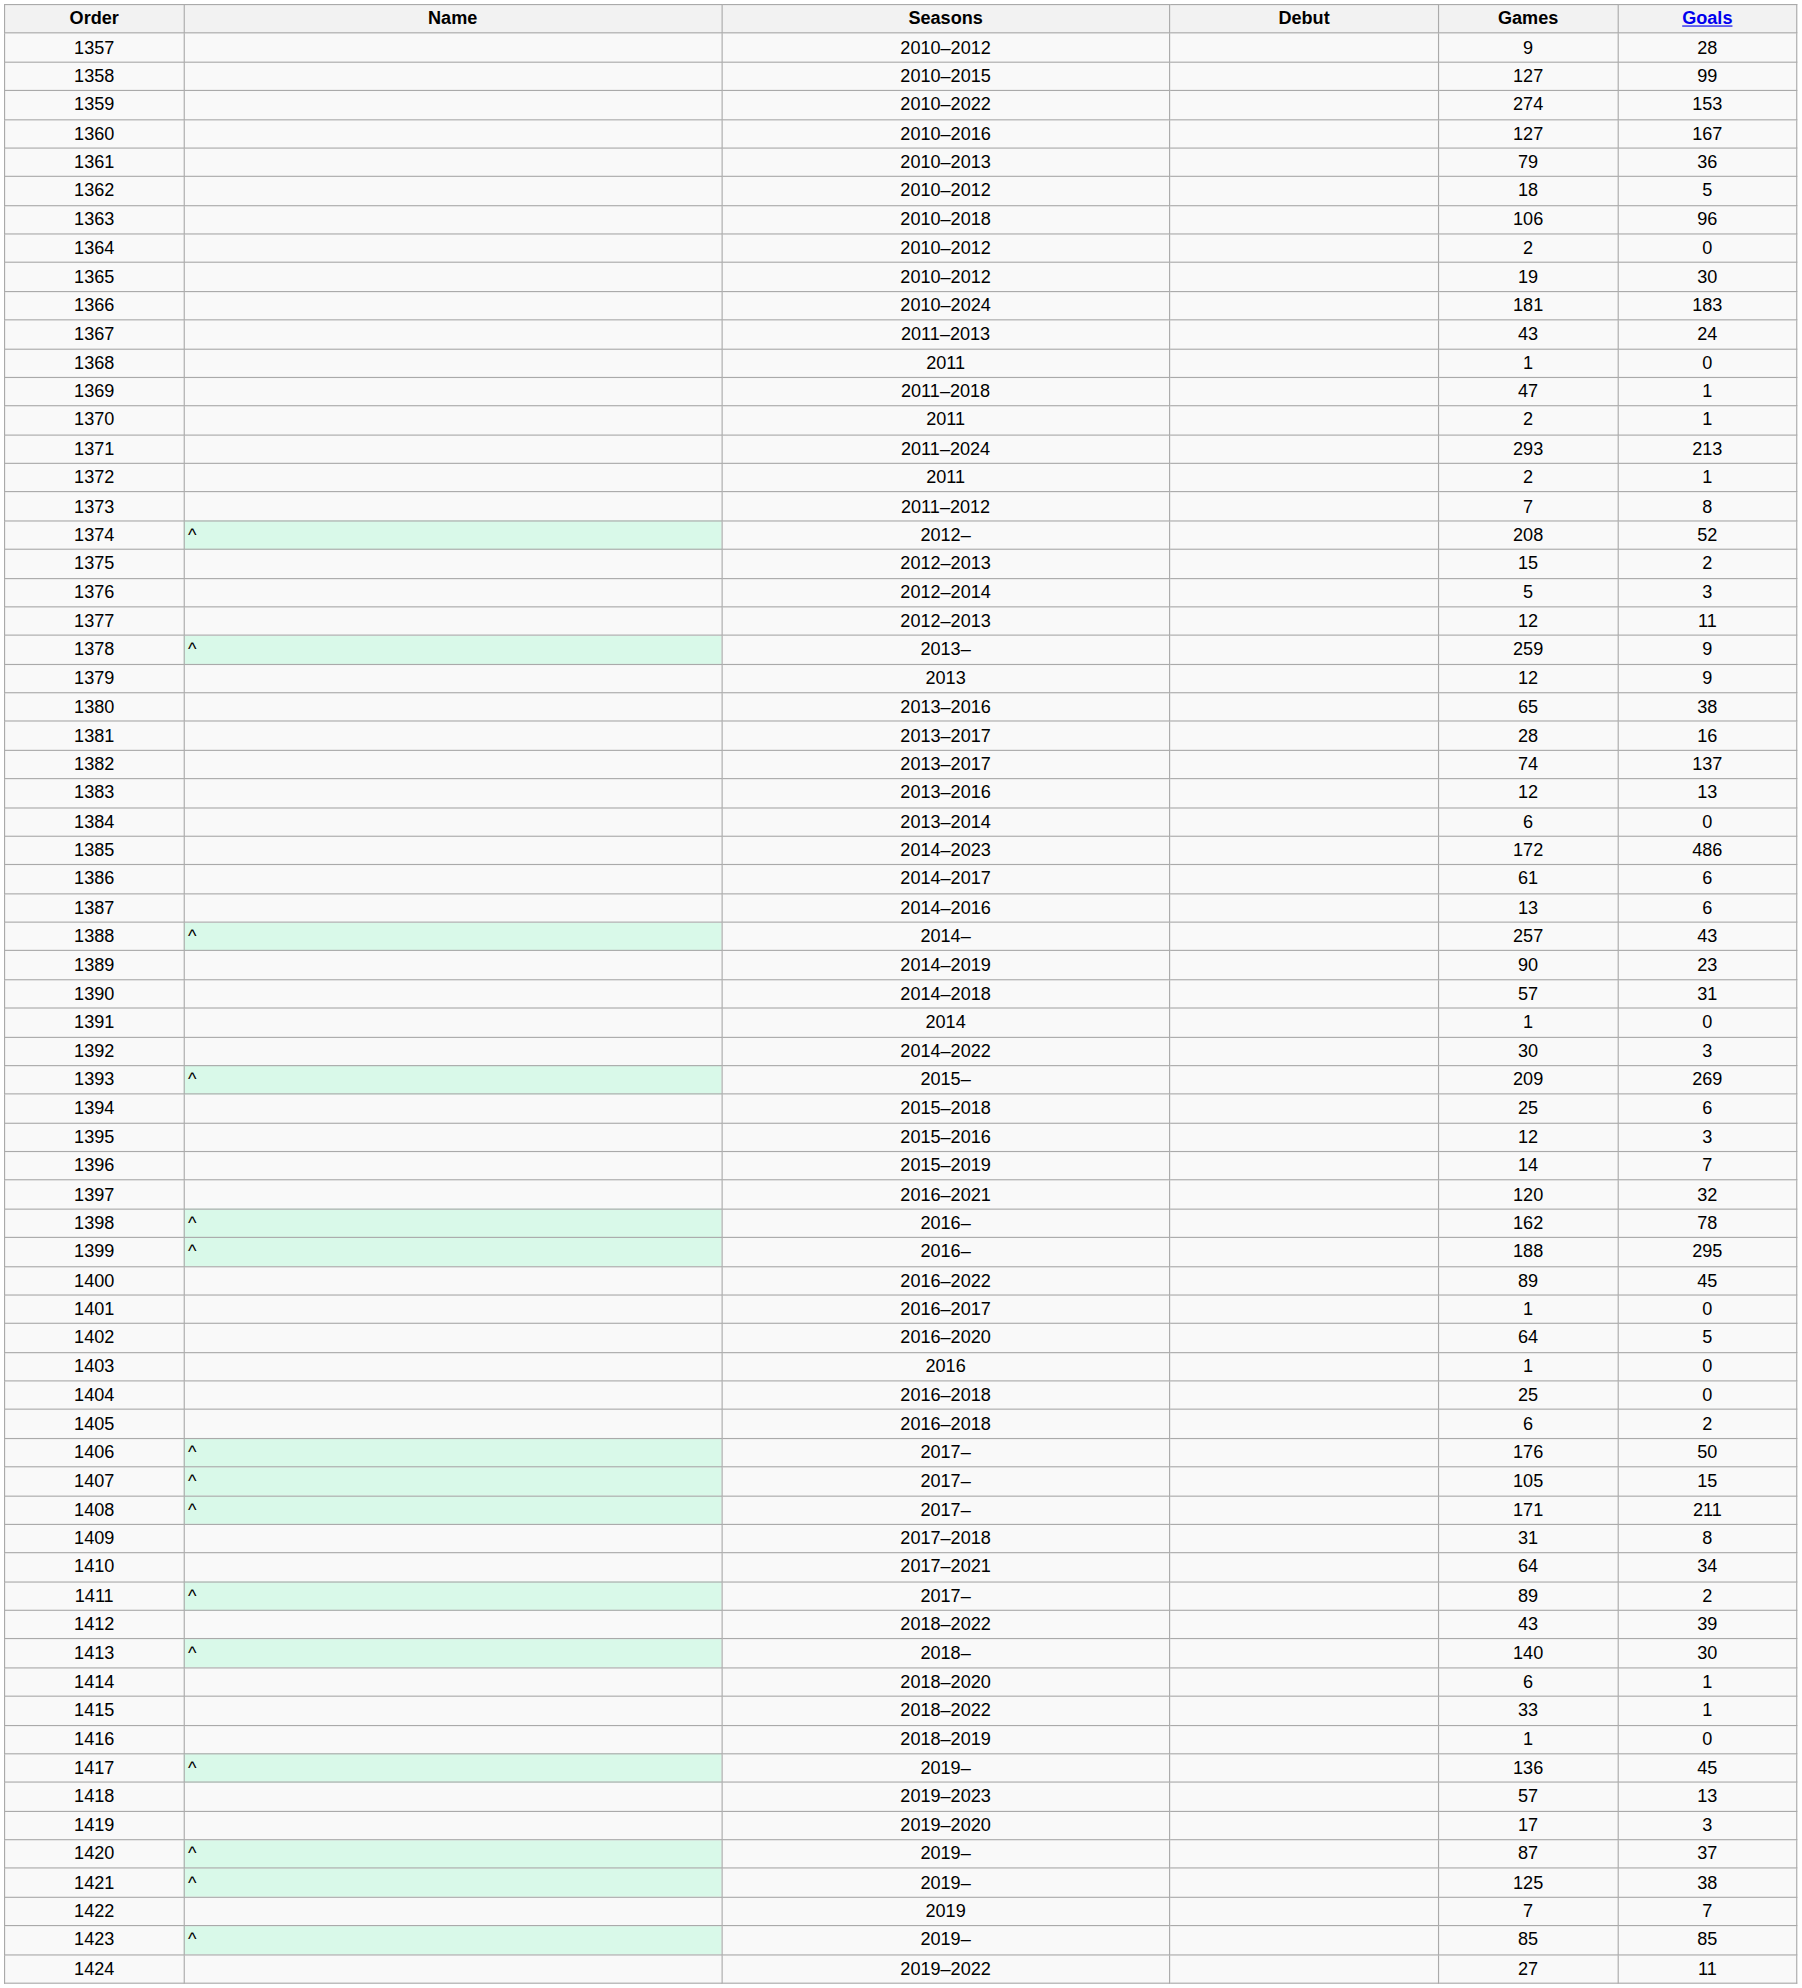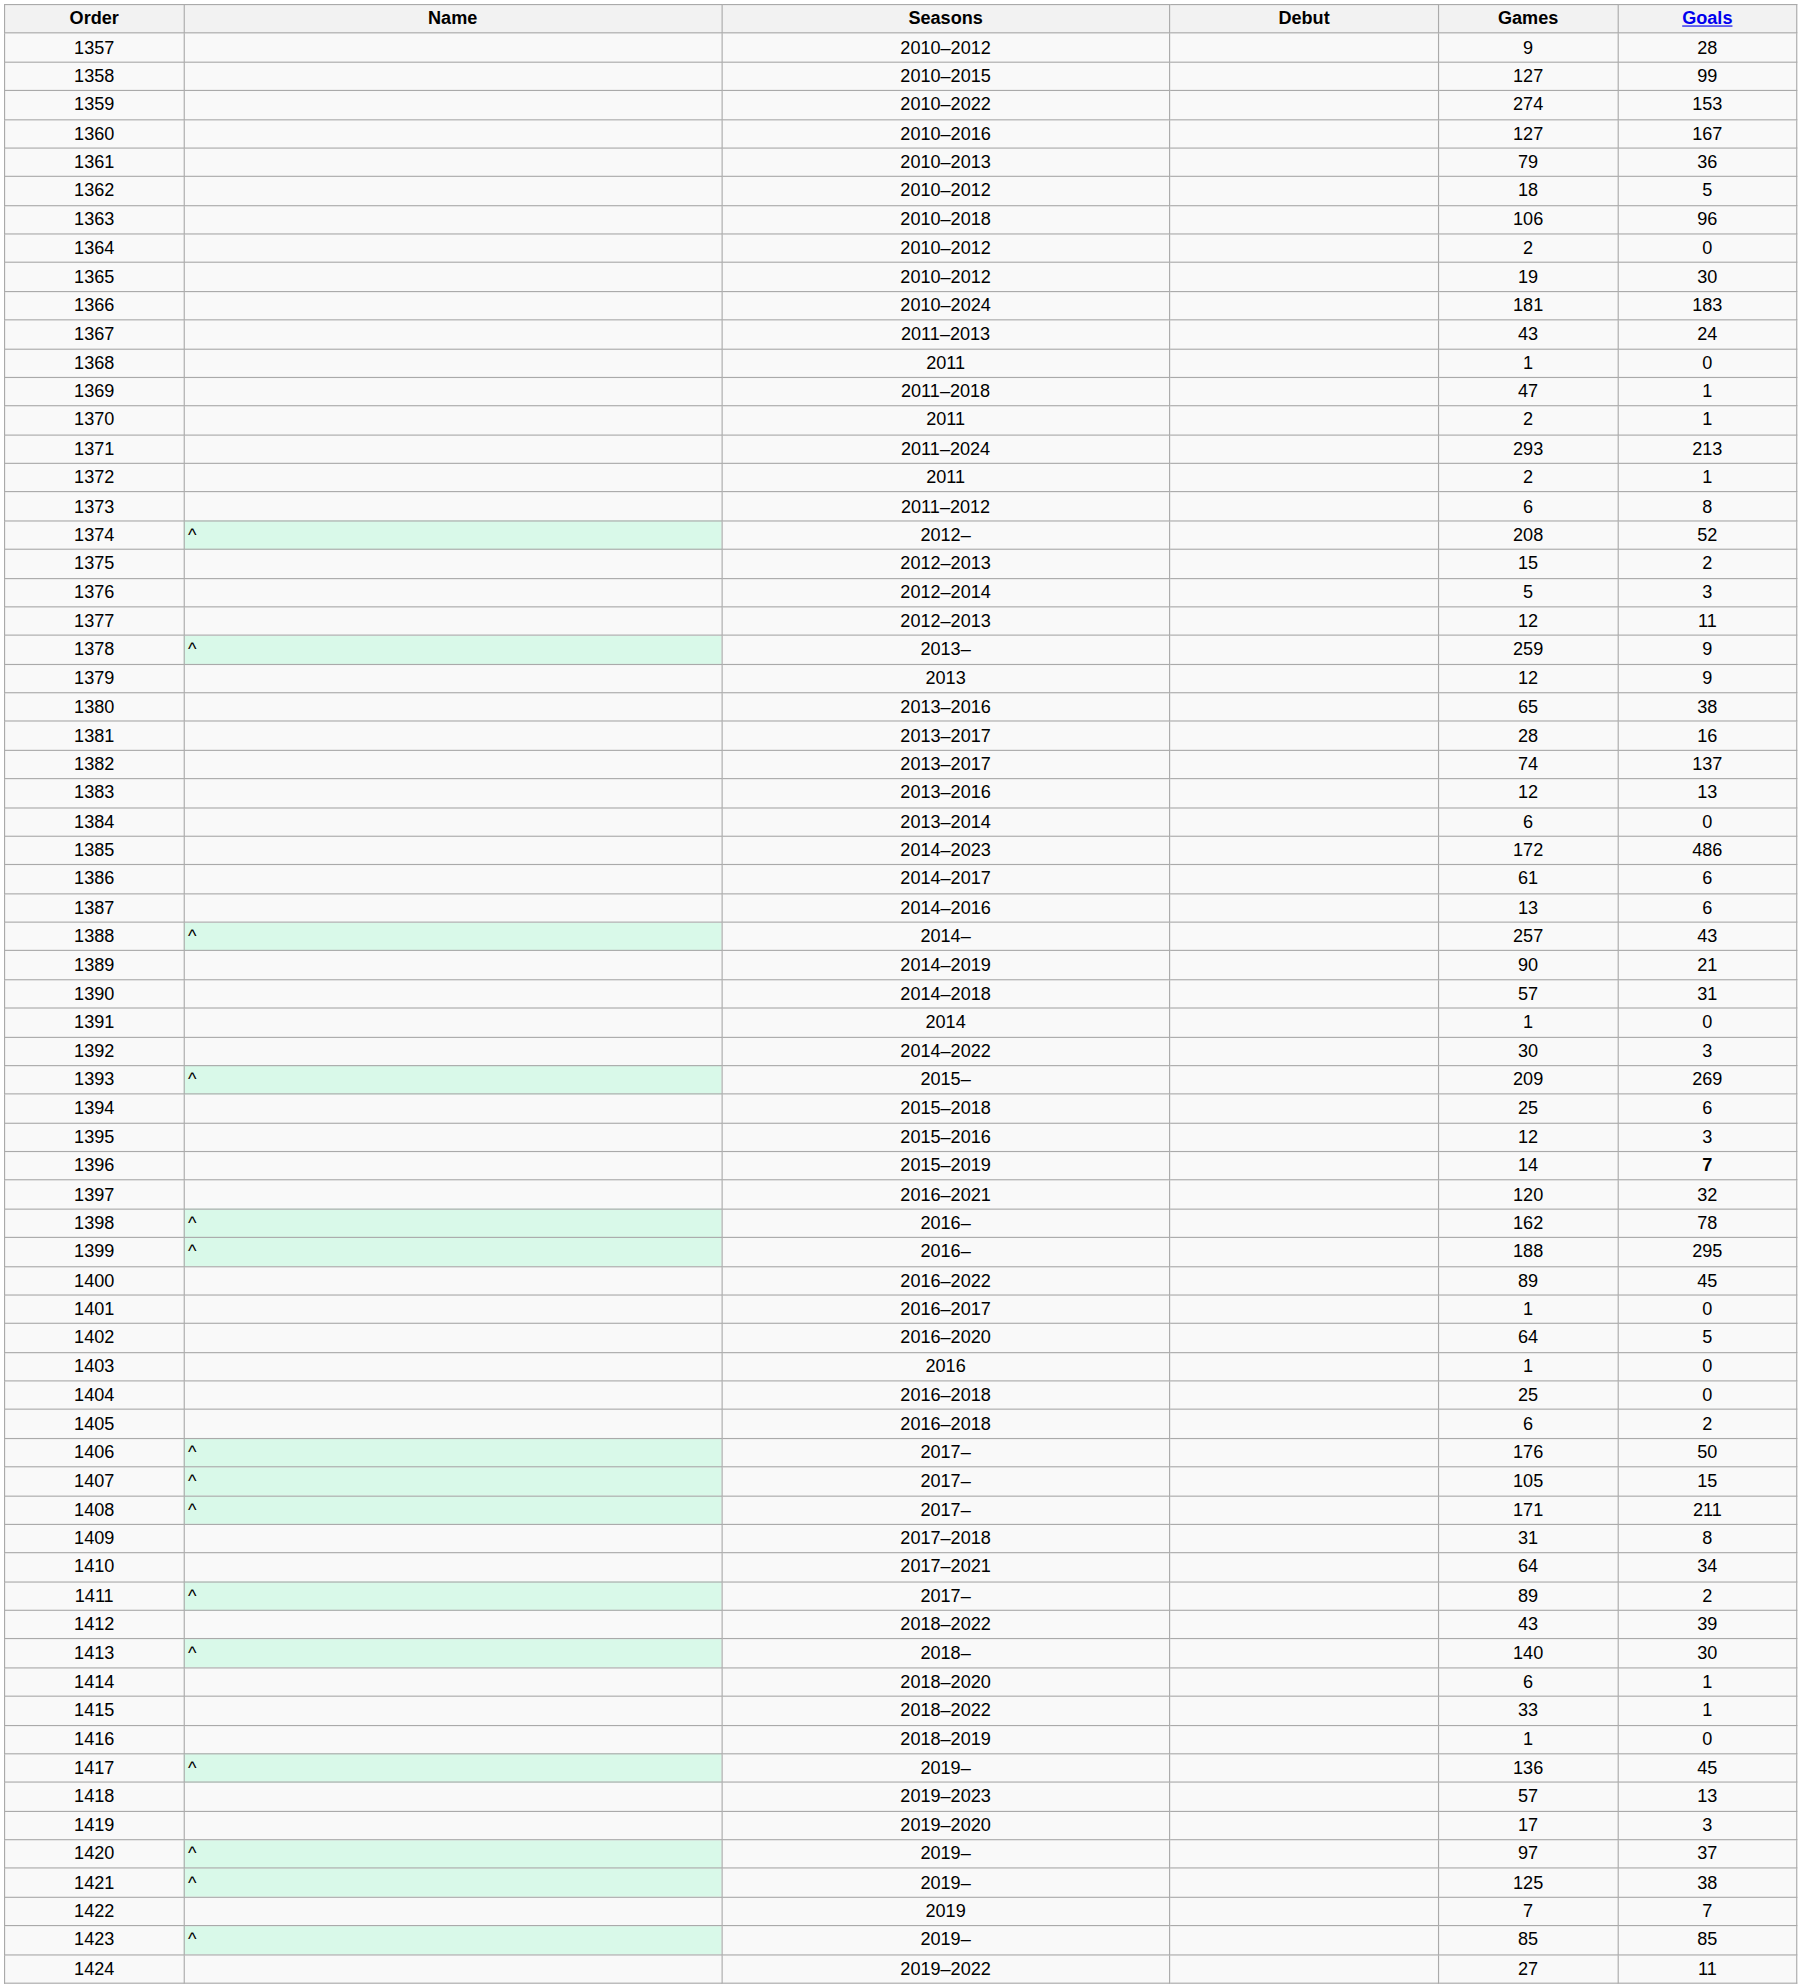 <table class="wikitable sortable" style="text-align:center; width:80%">
 <tr>
 <th style="width=5%">Order</th>
 <th style="width:30%">Name</th>
 <th style="width:25%">Seasons</th>
 <th style="width:15%">Debut</th>
 <th style="width:10%">Games</th>
 <th style="width:10%"><a href='#'>Goals</a></th>
 </tr>
 <tr>
 <td>1357</td>
 <td align=left></td>
 <td>2010–2012</td>
 <td></td>
 <td>9</td>
 <td>28</td>
 </tr>
 <tr>
 <td>1358</td>
 <td align=left></td>
 <td>2010–2015</td>
 <td></td>
 <td>127</td>
 <td>99</td>
 </tr>
 <tr>
 <td>1359</td>
 <td align=left></td>
 <td>2010–2022</td>
 <td></td>
 <td>274</td>
 <td>153</td>
 </tr>
 <tr>
 <td>1360</td>
 <td align=left></td>
 <td>2010–2016</td>
 <td></td>
 <td>127</td>
 <td>167</td>
 </tr>
 <tr>
 <td>1361</td>
 <td align=left></td>
 <td>2010–2013</td>
 <td></td>
 <td>79</td>
 <td>36</td>
 </tr>
 <tr>
 <td>1362</td>
 <td align=left></td>
 <td>2010–2012</td>
 <td></td>
 <td>18</td>
 <td>5</td>
 </tr>
 <tr>
 <td>1363</td>
 <td align=left></td>
 <td>2010–2018</td>
 <td></td>
 <td>106</td>
 <td>96</td>
 </tr>
 <tr>
 <td>1364</td>
 <td align=left></td>
 <td>2010–2012</td>
 <td></td>
 <td>2</td>
 <td>0</td>
 </tr>
 <tr>
 <td>1365</td>
 <td align=left></td>
 <td>2010–2012</td>
 <td></td>
 <td>19</td>
 <td>30</td>
 </tr>
 <tr>
 <td>1366</td>
 <td align=left></td>
 <td>2010–2024</td>
 <td></td>
 <td>181</td>
 <td>183</td>
 </tr>
 <tr>
 <td>1367</td>
 <td align=left></td>
 <td>2011–2013</td>
 <td></td>
 <td>43</td>
 <td>24</td>
 </tr>
 <tr>
 <td>1368</td>
 <td align=left></td>
 <td>2011</td>
 <td></td>
 <td>1</td>
 <td>0</td>
 </tr>
 <tr>
 <td>1369</td>
 <td align=left></td>
 <td>2011–2018</td>
 <td></td>
 <td>47</td>
 <td>1</td>
 </tr>
 <tr>
 <td>1370</td>
 <td align=left></td>
 <td>2011</td>
 <td></td>
 <td>2</td>
 <td>1</td>
 </tr>
 <tr>
 <td>1371</td>
 <td align=left></td>
 <td>2011–2024</td>
 <td></td>
 <td>293</td>
 <td>213</td>
 </tr>
 <tr>
 <td>1372</td>
 <td align=left></td>
 <td>2011</td>
 <td></td>
 <td>2</td>
 <td>1</td>
 </tr>
 <tr>
 <td>1373</td>
 <td align=left></td>
 <td>2011–2012</td>
 <td></td>
-<td>7</td>
+<td>6</td>
 <td>8</td>
 </tr>
 <tr>
 <td>1374</td>
 <td style="text-align:left; background:#d9f9e9">^</td>
 <td>2012–</td>
 <td></td>
 <td>208</td>
 <td>52</td>
 </tr>
 <tr>
 <td>1375</td>
 <td align=left></td>
 <td>2012–2013</td>
 <td></td>
 <td>15</td>
 <td>2</td>
 </tr>
 <tr>
 <td>1376</td>
 <td align=left></td>
 <td>2012–2014</td>
 <td></td>
 <td>5</td>
 <td>3</td>
 </tr>
 <tr>
 <td>1377</td>
 <td align=left></td>
 <td>2012–2013</td>
 <td></td>
 <td>12</td>
 <td>11</td>
 </tr>
 <tr>
 <td>1378</td>
 <td style="text-align:left; background:#d9f9e9">^</td>
 <td>2013–</td>
 <td></td>
 <td>259</td>
 <td>9</td>
 </tr>
 <tr>
 <td>1379</td>
 <td align=left></td>
 <td>2013</td>
 <td></td>
 <td>12</td>
 <td>9</td>
 </tr>
 <tr>
 <td>1380</td>
 <td align=left></td>
 <td>2013–2016</td>
 <td></td>
 <td>65</td>
 <td>38</td>
 </tr>
 <tr>
 <td>1381</td>
 <td align=left></td>
 <td>2013–2017</td>
 <td></td>
 <td>28</td>
 <td>16</td>
 </tr>
 <tr>
 <td>1382</td>
 <td align=left></td>
 <td>2013–2017</td>
 <td></td>
 <td>74</td>
 <td>137</td>
 </tr>
 <tr>
 <td>1383</td>
 <td align=left></td>
 <td>2013–2016</td>
 <td></td>
 <td>12</td>
 <td>13</td>
 </tr>
 <tr>
 <td>1384</td>
 <td align=left></td>
 <td>2013–2014</td>
 <td></td>
 <td>6</td>
 <td>0</td>
 </tr>
 <tr>
 <td>1385</td>
 <td align=left></td>
 <td>2014–2023</td>
 <td></td>
 <td>172</td>
 <td>486</td>
 </tr>
 <tr>
 <td>1386</td>
 <td align=left></td>
 <td>2014–2017</td>
 <td></td>
 <td>61</td>
 <td>6</td>
 </tr>
 <tr>
 <td>1387</td>
 <td align=left></td>
 <td>2014–2016</td>
 <td></td>
 <td>13</td>
 <td>6</td>
 </tr>
 <tr>
 <td>1388</td>
 <td style="text-align:left; background:#d9f9e9">^</td>
 <td>2014–</td>
 <td></td>
 <td>257</td>
 <td>43</td>
 </tr>
 <tr>
 <td>1389</td>
 <td align=left></td>
 <td>2014–2019</td>
 <td></td>
 <td>90</td>
-<td>23</td>
+<td>21</td>
 </tr>
 <tr>
 <td>1390</td>
 <td align=left></td>
 <td>2014–2018</td>
 <td></td>
 <td>57</td>
 <td>31</td>
 </tr>
 <tr>
 <td>1391</td>
 <td align=left></td>
 <td>2014</td>
 <td></td>
 <td>1</td>
 <td>0</td>
 </tr>
 <tr>
 <td>1392</td>
 <td align=left></td>
 <td>2014–2022</td>
 <td></td>
 <td>30</td>
 <td>3</td>
 </tr>
 <tr>
 <td>1393</td>
 <td style="text-align:left; background:#d9f9e9">^</td>
 <td>2015–</td>
 <td></td>
 <td>209</td>
 <td>269</td>
 </tr>
 <tr>
 <td>1394</td>
 <td align=left></td>
 <td>2015–2018</td>
 <td></td>
 <td>25</td>
 <td>6</td>
 </tr>
 <tr>
 <td>1395</td>
 <td align=left></td>
 <td>2015–2016</td>
 <td></td>
 <td>12</td>
 <td>3</td>
 </tr>
 <tr>
 <td>1396</td>
 <td align=left></td>
 <td>2015–2019</td>
 <td></td>
 <td>14</td>
-<td>7</td>
+<td><strong>7</strong></td>
 </tr>
 <tr>
 <td>1397</td>
 <td align=left></td>
 <td>2016–2021</td>
 <td></td>
 <td>120</td>
 <td>32</td>
 </tr>
 <tr>
 <td>1398</td>
 <td style="text-align:left; background:#d9f9e9">^</td>
 <td>2016–</td>
 <td></td>
 <td>162</td>
 <td>78</td>
 </tr>
 <tr>
 <td>1399</td>
 <td style="text-align:left; background:#d9f9e9">^</td>
 <td>2016–</td>
 <td></td>
 <td>188</td>
 <td>295</td>
 </tr>
 <tr>
 <td>1400</td>
 <td align=left></td>
 <td>2016–2022</td>
 <td></td>
 <td>89</td>
 <td>45</td>
 </tr>
 <tr>
 <td>1401</td>
 <td align=left></td>
 <td>2016–2017</td>
 <td></td>
 <td>1</td>
 <td>0</td>
 </tr>
 <tr>
 <td>1402</td>
 <td align=left></td>
 <td>2016–2020</td>
 <td></td>
 <td>64</td>
 <td>5</td>
 </tr>
 <tr>
 <td>1403</td>
 <td align=left></td>
 <td>2016</td>
 <td></td>
 <td>1</td>
 <td>0</td>
 </tr>
 <tr>
 <td>1404</td>
 <td align=left></td>
 <td>2016–2018</td>
 <td></td>
 <td>25</td>
 <td>0</td>
 </tr>
 <tr>
 <td>1405</td>
 <td align=left></td>
 <td>2016–2018</td>
 <td></td>
 <td>6</td>
 <td>2</td>
 </tr>
 <tr>
 <td>1406</td>
 <td style="text-align:left; background:#d9f9e9">^</td>
 <td>2017–</td>
 <td></td>
 <td>176</td>
 <td>50</td>
 </tr>
 <tr>
 <td>1407</td>
 <td style="text-align:left; background:#d9f9e9">^</td>
 <td>2017–</td>
 <td></td>
 <td>105</td>
 <td>15</td>
 </tr>
 <tr>
 <td>1408</td>
 <td style="text-align:left; background:#d9f9e9">^</td>
 <td>2017–</td>
 <td></td>
 <td>171</td>
 <td>211</td>
 </tr>
 <tr>
 <td>1409</td>
 <td align=left></td>
 <td>2017–2018</td>
 <td></td>
 <td>31</td>
 <td>8</td>
 </tr>
 <tr>
 <td>1410</td>
 <td align=left></td>
 <td>2017–2021</td>
 <td></td>
 <td>64</td>
 <td>34</td>
 </tr>
 <tr>
 <td>1411</td>
 <td style="text-align:left; background:#d9f9e9">^</td>
 <td>2017–</td>
 <td></td>
 <td>89</td>
 <td>2</td>
 </tr>
 <tr>
 <td>1412</td>
 <td align=left></td>
 <td>2018–2022</td>
 <td></td>
 <td>43</td>
 <td>39</td>
 </tr>
 <tr>
 <td>1413</td>
 <td style="text-align:left; background:#d9f9e9">^</td>
 <td>2018–</td>
 <td></td>
 <td>140</td>
 <td>30</td>
 </tr>
 <tr>
 <td>1414</td>
 <td align=left></td>
 <td>2018–2020</td>
 <td></td>
 <td>6</td>
 <td>1</td>
 </tr>
 <tr>
 <td>1415</td>
 <td align=left></td>
 <td>2018–2022</td>
 <td></td>
 <td>33</td>
 <td>1</td>
 </tr>
 <tr>
 <td>1416</td>
 <td align=left></td>
 <td>2018–2019</td>
 <td></td>
 <td>1</td>
 <td>0</td>
 </tr>
 <tr>
 <td>1417</td>
 <td style="text-align:left; background:#d9f9e9">^</td>
 <td>2019–</td>
 <td></td>
 <td>136</td>
 <td>45</td>
 </tr>
 <tr>
 <td>1418</td>
 <td style="text-align:left"></td>
 <td>2019–2023</td>
 <td></td>
 <td>57</td>
 <td>13</td>
 </tr>
 <tr>
 <td>1419</td>
 <td align=left></td>
 <td>2019–2020</td>
 <td></td>
 <td>17</td>
 <td>3</td>
 </tr>
 <tr>
 <td>1420</td>
 <td style="text-align:left; background:#d9f9e9">^</td>
 <td>2019–</td>
 <td></td>
-<td>87</td>
+<td>97</td>
 <td>37</td>
 </tr>
 <tr>
 <td>1421</td>
 <td style="text-align:left; background:#d9f9e9">^</td>
 <td>2019–</td>
 <td></td>
 <td>125</td>
 <td>38</td>
 </tr>
 <tr>
 <td>1422</td>
 <td style="text-align:left;"></td>
 <td>2019</td>
 <td></td>
 <td>7</td>
 <td>7</td>
 </tr>
 <tr>
 <td>1423</td>
 <td style="text-align:left; background:#d9f9e9">^</td>
 <td>2019–</td>
 <td></td>
 <td>85</td>
 <td>85</td>
 </tr>
 <tr>
 <td>1424</td>
 <td align=left></td>
 <td>2019–2022</td>
 <td></td>
 <td>27</td>
 <td>11</td>
 </tr>
 </table>
